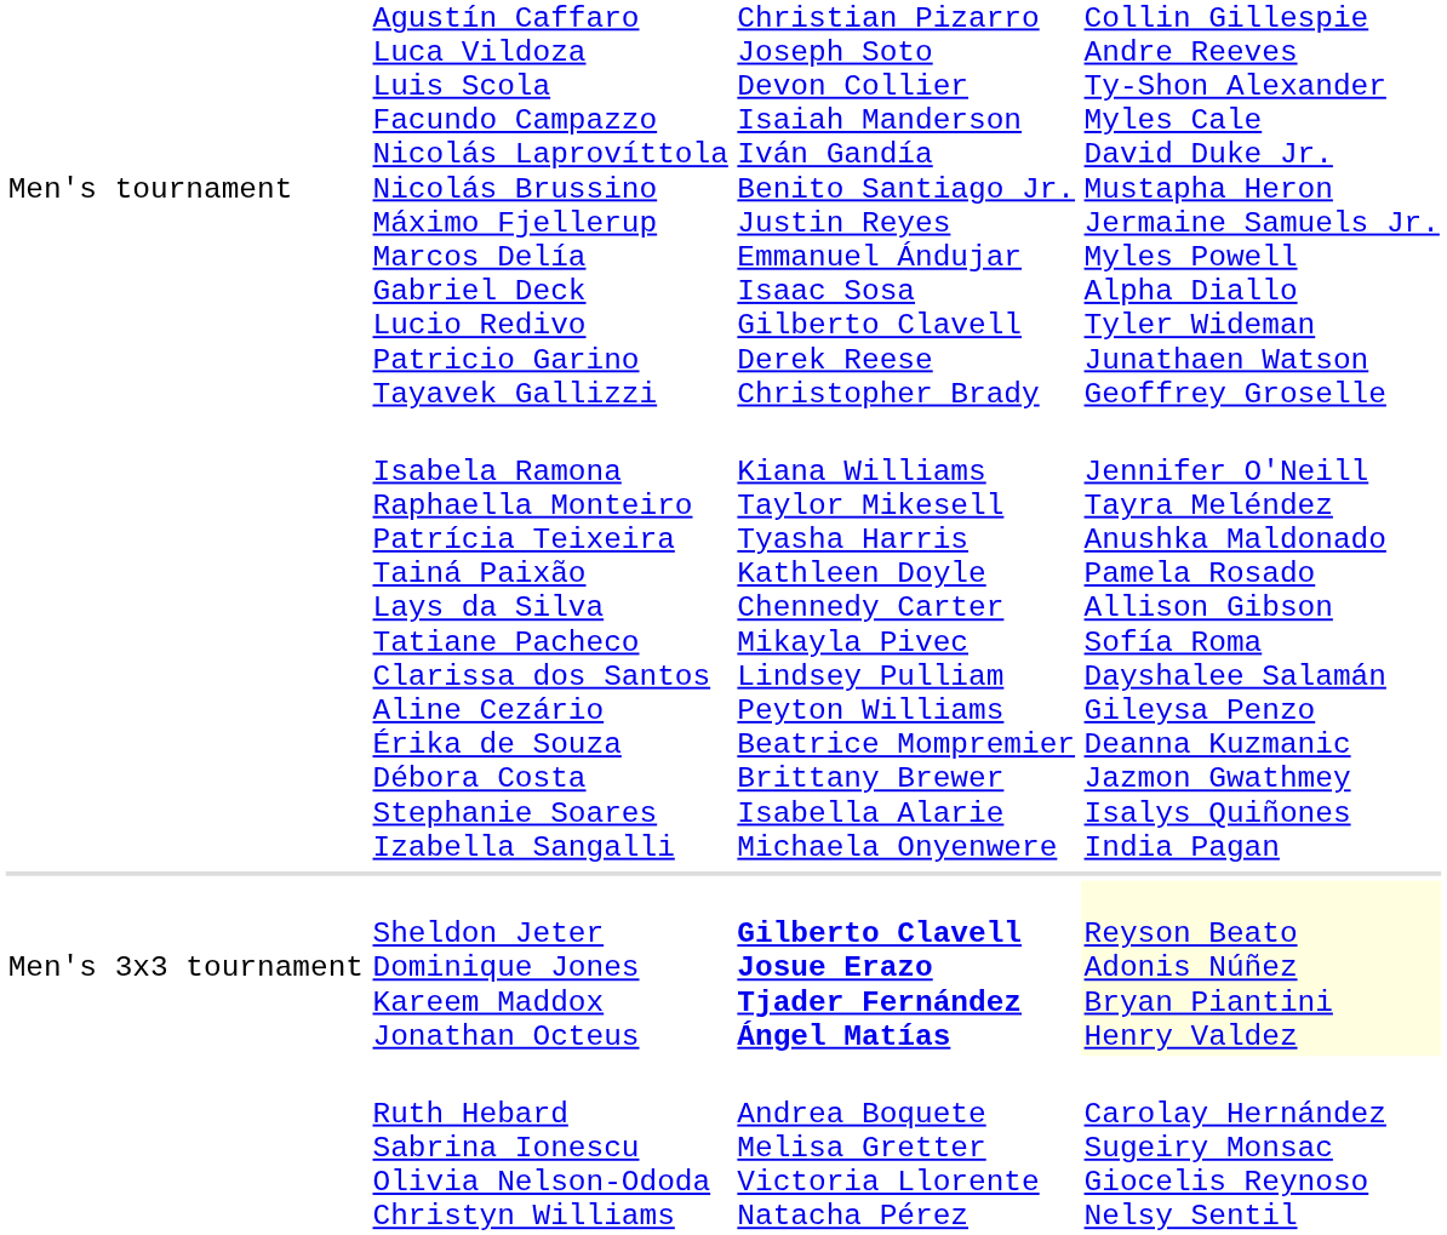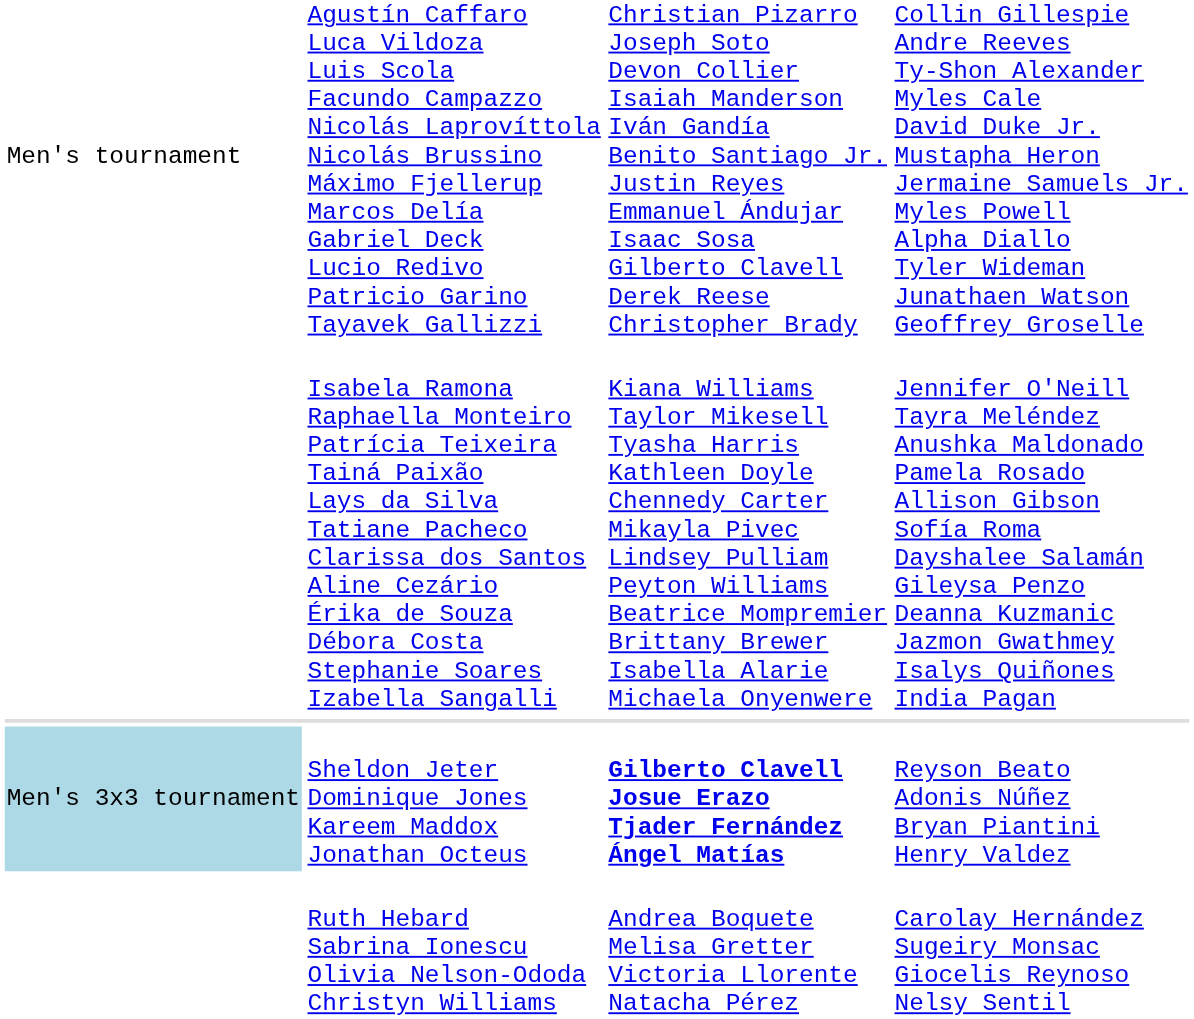 <table>
 <tr>
 <td>Men's tournament<br></td>
 <td><br><a href='#'>Agustín Caffaro</a><br><a href='#'>Luca Vildoza</a><br><a href='#'>Luis Scola</a><br><a href='#'>Facundo Campazzo</a><br><a href='#'>Nicolás Laprovíttola</a><br><a href='#'>Nicolás Brussino</a><br><a href='#'>Máximo Fjellerup</a><br><a href='#'>Marcos Delía</a><br><a href='#'>Gabriel Deck</a><br><a href='#'>Lucio Redivo</a><br><a href='#'>Patricio Garino</a><br><a href='#'>Tayavek Gallizzi</a></td>
 <td><br><a href='#'>Christian Pizarro</a><br><a href='#'>Joseph Soto</a><br><a href='#'>Devon Collier</a><br><a href='#'>Isaiah Manderson</a><br><a href='#'>Iván Gandía</a><br><a href='#'>Benito Santiago Jr.</a><br><a href='#'>Justin Reyes</a><br><a href='#'>Emmanuel Ándujar</a><br><a href='#'>Isaac Sosa</a><br><a href='#'>Gilberto Clavell</a><br><a href='#'>Derek Reese</a><br><a href='#'>Christopher Brady</a></td>
 <td><br><a href='#'>Collin Gillespie</a><br><a href='#'>Andre Reeves</a><br><a href='#'>Ty-Shon Alexander</a><br><a href='#'>Myles Cale</a><br><a href='#'>David Duke Jr.</a><br><a href='#'>Mustapha Heron</a><br><a href='#'>Jermaine Samuels Jr.</a><br><a href='#'>Myles Powell</a><br><a href='#'>Alpha Diallo</a><br><a href='#'>Tyler Wideman</a><br><a href='#'>Junathaen Watson</a><br><a href='#'>Geoffrey Groselle</a></td>
 </tr>
 <tr>
 <td><br></td>
 <td><br><a href='#'>Isabela Ramona</a><br><a href='#'>Raphaella Monteiro</a><br><a href='#'>Patrícia Teixeira</a><br><a href='#'>Tainá Paixão</a><br><a href='#'>Lays da Silva</a><br><a href='#'>Tatiane Pacheco</a><br><a href='#'>Clarissa dos Santos</a><br><a href='#'>Aline Cezário</a><br><a href='#'>Érika de Souza</a><br><a href='#'>Débora Costa</a><br><a href='#'>Stephanie Soares</a><br><a href='#'>Izabella Sangalli</a></td>
 <td><br><a href='#'>Kiana Williams</a><br><a href='#'>Taylor Mikesell</a><br><a href='#'>Tyasha Harris</a><br><a href='#'>Kathleen Doyle</a><br><a href='#'>Chennedy Carter</a><br><a href='#'>Mikayla Pivec</a><br><a href='#'>Lindsey Pulliam</a><br><a href='#'>Peyton Williams</a><br><a href='#'>Beatrice Mompremier</a><br><a href='#'>Brittany Brewer</a><br><a href='#'>Isabella Alarie</a><br><a href='#'>Michaela Onyenwere</a></td>
 <td><br><a href='#'>Jennifer O'Neill</a><br><a href='#'>Tayra Meléndez</a><br><a href='#'>Anushka Maldonado</a><br><a href='#'>Pamela Rosado</a><br><a href='#'>Allison Gibson</a><br><a href='#'>Sofía Roma</a><br><a href='#'>Dayshalee Salamán</a><br><a href='#'>Gileysa Penzo</a><br><a href='#'>Deanna Kuzmanic</a><br><a href='#'>Jazmon Gwathmey</a><br><a href='#'>Isalys Quiñones</a><br><a href='#'>India Pagan</a></td>
 </tr>
 <tr bgcolor=#DDDDDD>
 <td colspan=7></td>
 </tr>
 <tr>
-<td>Men's 3x3 tournament<br></td>
+<td style="background: lightblue;">Men's 3x3 tournament<br></td>
 <td><br><a href='#'>Sheldon Jeter</a><br><a href='#'>Dominique Jones</a><br><a href='#'>Kareem Maddox</a><br><a href='#'>Jonathan Octeus</a></td>
 <td><strong><br><a href='#'>Gilberto Clavell</a><br><a href='#'>Josue Erazo</a><br><a href='#'>Tjader Fernández</a><br><a href='#'>Ángel Matías</a></strong></td>
-<td style="background: lightyellow;"><br><a href='#'>Reyson Beato</a><br><a href='#'>Adonis Núñez</a><br><a href='#'>Bryan Piantini</a><br><a href='#'>Henry Valdez</a></td>
+<td><br><a href='#'>Reyson Beato</a><br><a href='#'>Adonis Núñez</a><br><a href='#'>Bryan Piantini</a><br><a href='#'>Henry Valdez</a></td>
 </tr>
 <tr>
 <td><br></td>
 <td><br><a href='#'>Ruth Hebard</a><br><a href='#'>Sabrina Ionescu</a><br><a href='#'>Olivia Nelson-Ododa</a><br><a href='#'>Christyn Williams</a></td>
 <td><br><a href='#'>Andrea Boquete</a><br><a href='#'>Melisa Gretter</a><br><a href='#'>Victoria Llorente</a><br><a href='#'>Natacha Pérez</a></td>
 <td><br><a href='#'>Carolay Hernández</a><br><a href='#'>Sugeiry Monsac</a><br><a href='#'>Giocelis Reynoso</a><br><a href='#'>Nelsy Sentil</a></td>
 </tr>
 </table>
